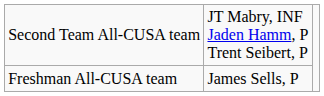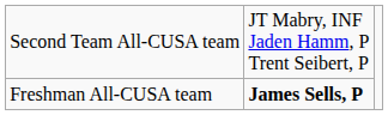 <table class="wikitable">
 <tr>
 <td>Second Team All-CUSA team</td>
 <td>JT Mabry, INF<br><a href='#'>Jaden Hamm</a>, P<br>Trent Seibert, P</td>
 <td rowspan=2></td>
 </tr>
 <tr>
 <td>Freshman All-CUSA team</td>
-<td>James Sells, P</td>
+<td><strong>James Sells, P</strong></td>
 </tr>
 </table>
